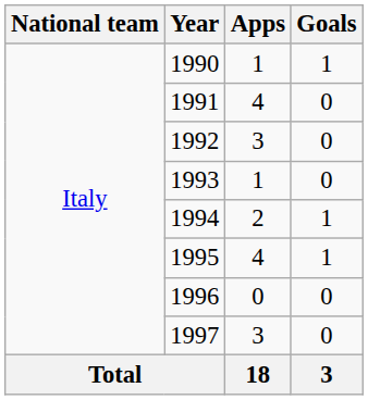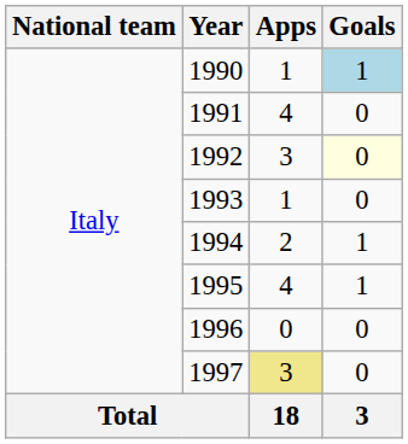 <table class="wikitable" style="text-align:center">
 <tr>
 <th>National team</th>
 <th>Year</th>
 <th>Apps</th>
 <th>Goals</th>
 </tr>
 <tr>
 <td rowspan="8"><a href='#'>Italy</a></td>
 <td>1990</td>
 <td>1</td>
-<td>1</td>
+<td style="background: lightblue;">1</td>
 </tr>
 <tr>
 <td>1991</td>
 <td>4</td>
 <td>0</td>
 </tr>
 <tr>
 <td>1992</td>
 <td>3</td>
-<td>0</td>
+<td style="background: lightyellow;">0</td>
 </tr>
 <tr>
 <td>1993</td>
 <td>1</td>
 <td>0</td>
 </tr>
 <tr>
 <td>1994</td>
 <td>2</td>
 <td>1</td>
 </tr>
 <tr>
 <td>1995</td>
 <td>4</td>
 <td>1</td>
 </tr>
 <tr>
 <td>1996</td>
 <td>0</td>
 <td>0</td>
 </tr>
 <tr>
 <td>1997</td>
-<td>3</td>
+<td style="background: khaki;">3</td>
 <td>0</td>
 </tr>
 <tr>
 <th colspan="2">Total</th>
 <th>18</th>
 <th>3</th>
 </tr>
 </table>
